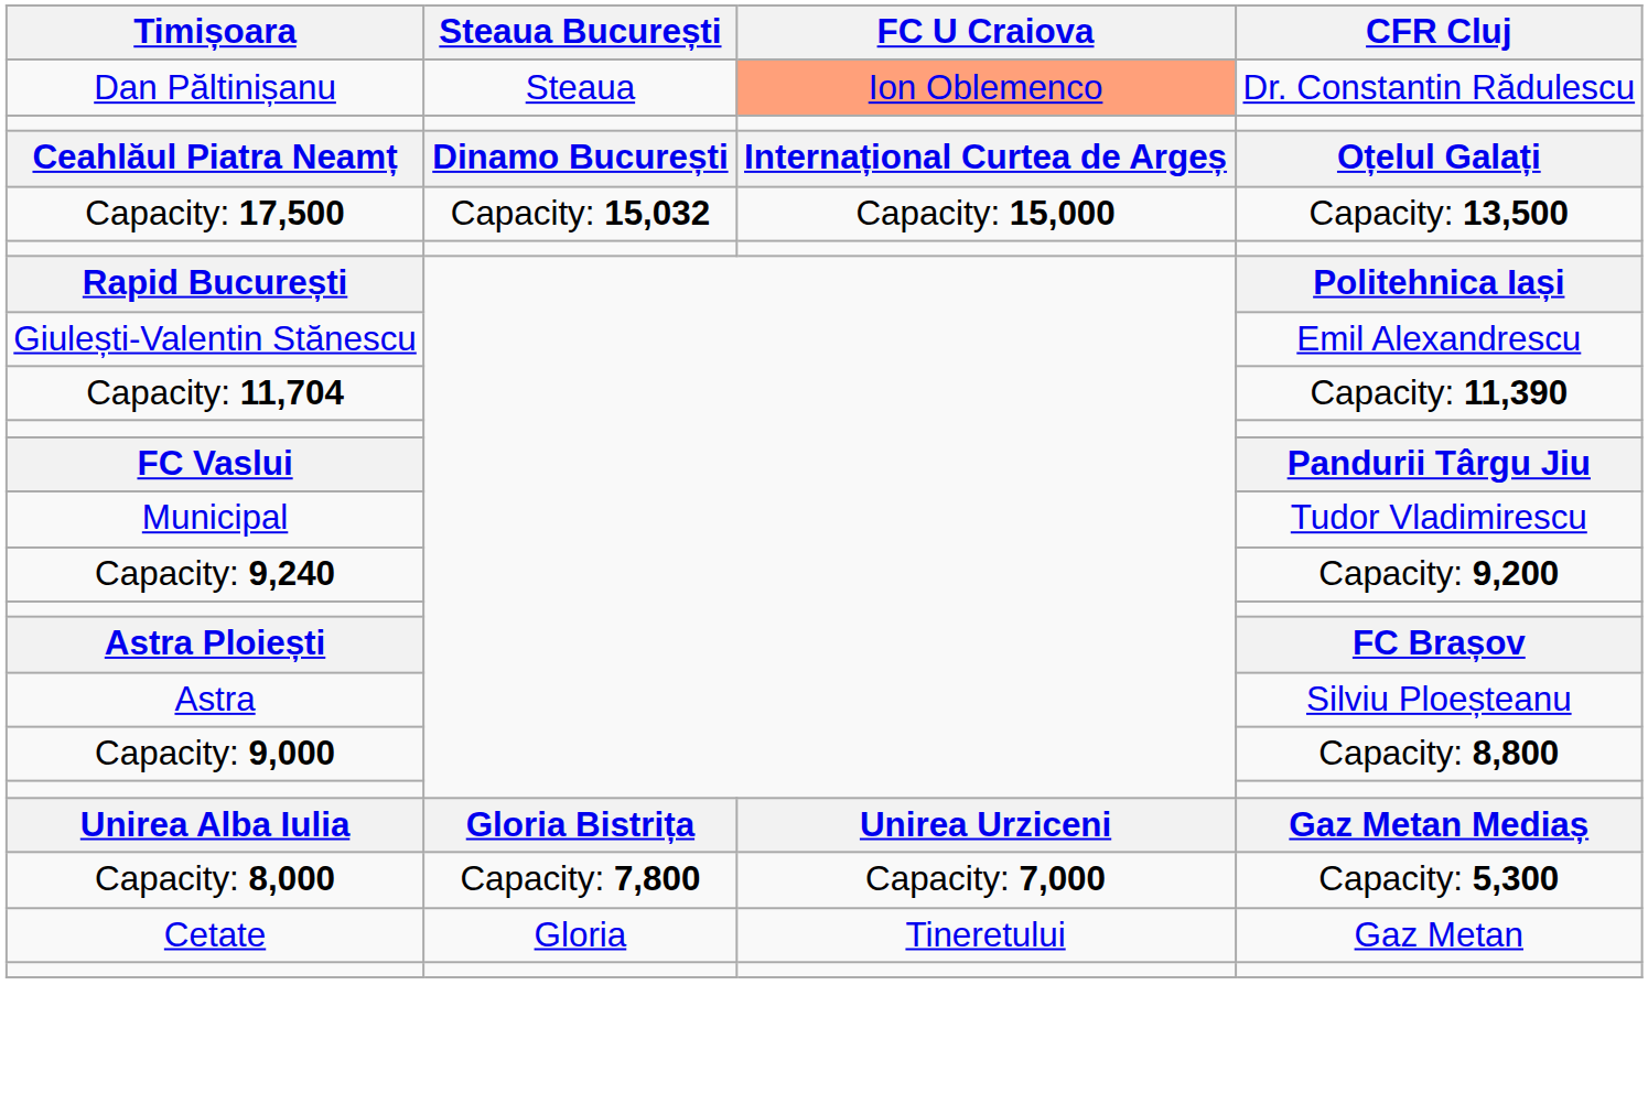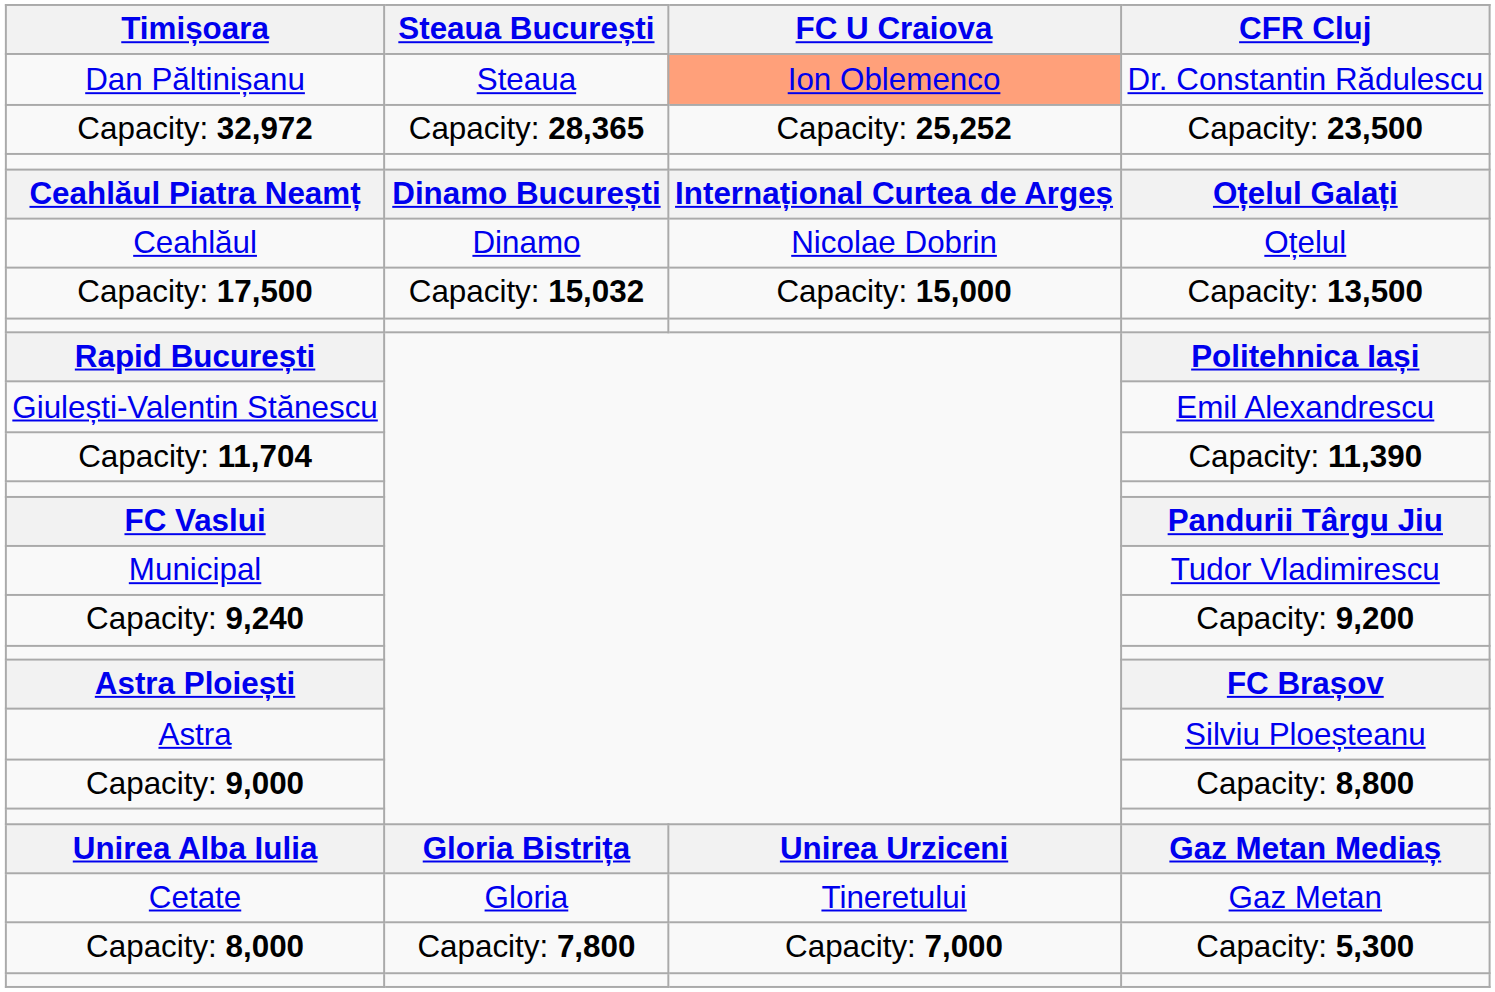 <table class="wikitable" style="text-align:center; margin:0.5em auto;">
 <tr>
 <th><a href='#'>Timișoara</a></th>
 <th><a href='#'>Steaua București</a></th>
 <th><a href='#'>FC U Craiova</a></th>
 <th><a href='#'>CFR Cluj</a></th>
 </tr>
 <tr>
 <td><a href='#'>Dan Păltinișanu</a></td>
 <td><a href='#'>Steaua</a></td>
 <td style="background: lightsalmon;"><a href='#'>Ion Oblemenco</a></td>
 <td><a href='#'>Dr. Constantin Rădulescu</a></td>
 </tr>
 <tr>
+<td>Capacity: <strong>32,972</strong></td>
+<td>Capacity: <strong>28,365</strong></td>
+<td>Capacity: <strong>25,252</strong></td>
+<td>Capacity: <strong>23,500</strong></td>
+</tr>
+<tr>
 <td></td>
 <td></td>
 <td></td>
 <td></td>
 </tr>
 <tr>
 <th><a href='#'>Ceahlăul Piatra Neamț</a></th>
 <th><a href='#'>Dinamo București</a></th>
 <th><a href='#'>Internațional Curtea de Argeș</a></th>
 <th><a href='#'>Oțelul Galați</a></th>
+</tr>
+<tr>
+<td><a href='#'>Ceahlăul</a></td>
+<td><a href='#'>Dinamo</a></td>
+<td><a href='#'>Nicolae Dobrin</a></td>
+<td><a href='#'>Oțelul</a></td>
 </tr>
 <tr>
 <td>Capacity: <strong>17,500</strong></td>
 <td>Capacity: <strong>15,032</strong></td>
 <td>Capacity: <strong>15,000</strong></td>
 <td>Capacity: <strong>13,500</strong></td>
 </tr>
 <tr>
 <td></td>
 <td></td>
 <td></td>
 <td></td>
 </tr>
 <tr>
 <th><a href='#'>Rapid București</a></th>
 <td colspan="2" rowspan="12"><br> </td>
 <th><a href='#'>Politehnica Iași</a></th>
 </tr>
 <tr>
 <td><a href='#'>Giulești-Valentin Stănescu</a></td>
 <td><a href='#'>Emil Alexandrescu</a></td>
 </tr>
 <tr>
 <td>Capacity: <strong>11,704</strong></td>
 <td>Capacity: <strong>11,390</strong></td>
 </tr>
 <tr>
 <td></td>
 <td></td>
 </tr>
 <tr>
 <th><a href='#'>FC Vaslui</a></th>
 <th><a href='#'>Pandurii Târgu Jiu</a></th>
 </tr>
 <tr>
 <td><a href='#'>Municipal</a></td>
 <td><a href='#'>Tudor Vladimirescu</a></td>
 </tr>
 <tr>
 <td>Capacity: <strong>9,240</strong></td>
 <td>Capacity: <strong>9,200</strong></td>
 </tr>
 <tr>
 <td></td>
 <td></td>
 </tr>
 <tr>
 <th><a href='#'>Astra Ploiești</a></th>
 <th><a href='#'>FC Brașov</a></th>
 </tr>
 <tr>
 <td><a href='#'>Astra</a></td>
 <td><a href='#'>Silviu Ploeșteanu</a></td>
 </tr>
 <tr>
 <td>Capacity: <strong>9,000</strong></td>
 <td>Capacity: <strong>8,800</strong></td>
 </tr>
 <tr>
 <td></td>
 <td></td>
 </tr>
 <tr>
 <th><a href='#'>Unirea Alba Iulia</a></th>
 <th><a href='#'>Gloria Bistrița</a></th>
 <th><a href='#'>Unirea Urziceni</a></th>
 <th><a href='#'>Gaz Metan Mediaș</a></th>
 </tr>
 <tr>
+<td><a href='#'>Cetate</a></td>
+<td><a href='#'>Gloria</a></td>
+<td><a href='#'>Tineretului</a></td>
+<td><a href='#'>Gaz Metan</a></td>
+</tr>
+<tr>
 <td>Capacity: <strong>8,000</strong></td>
 <td>Capacity: <strong>7,800</strong></td>
 <td>Capacity: <strong>7,000</strong></td>
 <td>Capacity: <strong>5,300</strong></td>
-</tr>
-<tr>
-<td><a href='#'>Cetate</a></td>
-<td><a href='#'>Gloria</a></td>
-<td><a href='#'>Tineretului</a></td>
-<td><a href='#'>Gaz Metan</a></td>
 </tr>
 <tr>
 <td></td>
 <td></td>
 <td></td>
 <td></td>
 </tr>
 </table>
